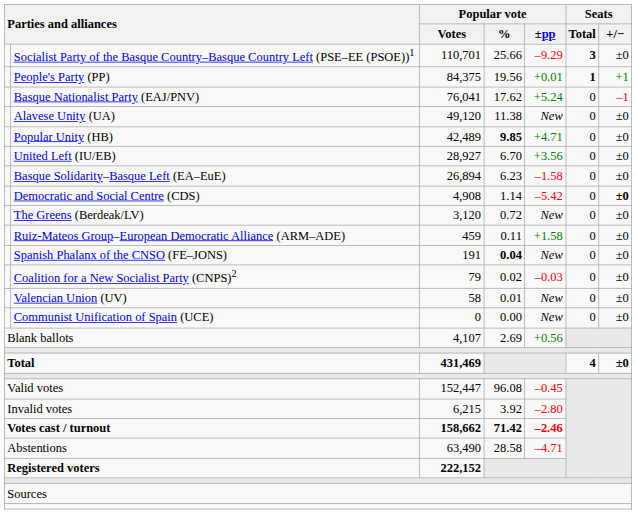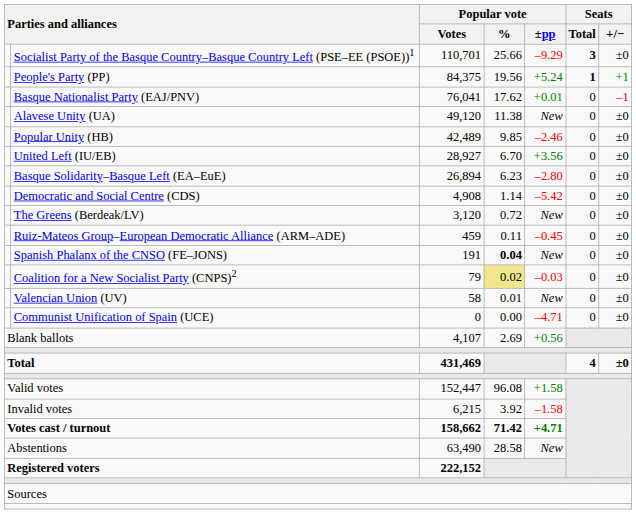 <table class="wikitable" style="text-align:right;">
 <tr>
 <th style="text-align:left;" rowspan="2" colspan="2" width="525">Parties and alliances</th>
 <th colspan="3">Popular vote</th>
 <th colspan="2">Seats</th>
 </tr>
 <tr>
 <th width="75">Votes</th>
 <th width="45">%</th>
 <th width="45">±<a href='#'>pp</a></th>
 <th width="35">Total</th>
 <th width="35">+/−</th>
 </tr>
 <tr>
 <td width="1" style="color:inherit;background:"></td>
 <td align="left"><a href='#'>Socialist Party of the Basque Country–Basque Country Left</a> (PSE–EE (PSOE))<sup>1</sup></td>
 <td>110,701</td>
 <td>25.66</td>
 <td style="color:red;">–9.29</td>
 <td><strong>3</strong></td>
 <td>±0</td>
 </tr>
 <tr>
 <td style="color:inherit;background:"></td>
 <td align="left"><a href='#'>People's Party</a> (PP)</td>
 <td>84,375</td>
 <td>19.56</td>
-<td style="color:green;">+0.01</td>
+<td style="color:green;">+5.24</td>
 <td><strong>1</strong></td>
 <td style="color:green;">+1</td>
 </tr>
 <tr>
 <td style="color:inherit;background:"></td>
 <td align="left"><a href='#'>Basque Nationalist Party</a> (EAJ/PNV)</td>
 <td>76,041</td>
 <td>17.62</td>
-<td style="color:green;">+5.24</td>
+<td style="color:green;">+0.01</td>
 <td>0</td>
 <td style="color:red;">–1</td>
 </tr>
 <tr>
 <td style="color:inherit;background:"></td>
 <td align="left"><a href='#'>Alavese Unity</a> (UA)</td>
 <td>49,120</td>
 <td>11.38</td>
 <td><em>New</em></td>
 <td>0</td>
 <td>±0</td>
 </tr>
 <tr>
 <td style="color:inherit;background:"></td>
 <td align="left"><a href='#'>Popular Unity</a> (HB)</td>
 <td>42,489</td>
-<td><strong>9.85</strong></td>
-<td style="color:green;">+4.71</td>
+<td>9.85</td>
+<td style="color:red;">–2.46</td>
 <td>0</td>
 <td>±0</td>
 </tr>
 <tr>
 <td style="color:inherit;background:"></td>
 <td align="left"><a href='#'>United Left</a> (IU/EB)</td>
 <td>28,927</td>
 <td>6.70</td>
 <td style="color:green;">+3.56</td>
 <td>0</td>
 <td>±0</td>
 </tr>
 <tr>
 <td style="color:inherit;background:"></td>
 <td align="left"><a href='#'>Basque Solidarity</a>–<a href='#'>Basque Left</a> (EA–EuE)</td>
 <td>26,894</td>
 <td>6.23</td>
-<td style="color:red;">–1.58</td>
+<td style="color:red;">–2.80</td>
 <td>0</td>
 <td>±0</td>
 </tr>
 <tr>
 <td style="color:inherit;background:"></td>
 <td align="left"><a href='#'>Democratic and Social Centre</a> (CDS)</td>
 <td>4,908</td>
 <td>1.14</td>
 <td style="color:red;">–5.42</td>
 <td>0</td>
-<td><strong>±0</strong></td>
+<td>±0</td>
 </tr>
 <tr>
 <td style="color:inherit;background:"></td>
 <td align="left"><a href='#'>The Greens</a> (Berdeak/LV)</td>
 <td>3,120</td>
 <td>0.72</td>
 <td><em>New</em></td>
 <td>0</td>
 <td>±0</td>
 </tr>
 <tr>
 <td style="color:inherit;background:"></td>
 <td align="left"><a href='#'>Ruiz-Mateos Group</a>–<a href='#'>European Democratic Alliance</a> (ARM–ADE)</td>
 <td>459</td>
 <td>0.11</td>
-<td style="color:green;">+1.58</td>
+<td style="color:red;">–0.45</td>
 <td>0</td>
 <td>±0</td>
 </tr>
 <tr>
 <td style="color:inherit;background:"></td>
 <td align="left"><a href='#'>Spanish Phalanx of the CNSO</a> (FE–JONS)</td>
 <td>191</td>
 <td><strong>0.04</strong></td>
 <td><em>New</em></td>
 <td>0</td>
 <td>±0</td>
 </tr>
 <tr>
 <td style="color:inherit;background:"></td>
 <td align="left"><a href='#'>Coalition for a New Socialist Party</a> (CNPS)<sup>2</sup></td>
 <td>79</td>
-<td>0.02</td>
+<td style="background: khaki;">0.02</td>
 <td style="color:red;">–0.03</td>
 <td>0</td>
 <td>±0</td>
 </tr>
 <tr>
 <td style="color:inherit;background:"></td>
 <td align="left"><a href='#'>Valencian Union</a> (UV)</td>
 <td>58</td>
 <td>0.01</td>
 <td><em>New</em></td>
 <td>0</td>
 <td>±0</td>
 </tr>
 <tr>
 <td style="color:inherit;background:"></td>
 <td align="left"><a href='#'>Communist Unification of Spain</a> (UCE)</td>
 <td>0</td>
 <td>0.00</td>
-<td><em>New</em></td>
+<td style="color:red;">–4.71</td>
 <td>0</td>
 <td>±0</td>
 </tr>
 <tr>
 <td align="left" colspan="2">Blank ballots</td>
 <td>4,107</td>
 <td>2.69</td>
 <td style="color:green;">+0.56</td>
 <td bgcolor="#E9E9E9" colspan="2"></td>
 </tr>
 <tr>
 <td colspan="7" bgcolor="#E9E9E9"></td>
 </tr>
 <tr style="font-weight:bold;">
 <td align="left" colspan="2">Total</td>
 <td>431,469</td>
 <td bgcolor="#E9E9E9" colspan="2"></td>
 <td>4</td>
 <td>±0</td>
 </tr>
 <tr>
 <td colspan="7" bgcolor="#E9E9E9"></td>
 </tr>
 <tr>
 <td align="left" colspan="2">Valid votes</td>
 <td>152,447</td>
 <td>96.08</td>
-<td style="color:red;">–0.45</td>
+<td style="color:green;">+1.58</td>
 <td bgcolor="#E9E9E9" colspan="2" rowspan="5"></td>
 </tr>
 <tr>
 <td align="left" colspan="2">Invalid votes</td>
 <td>6,215</td>
 <td>3.92</td>
-<td style="color:red;">–2.80</td>
+<td style="color:red;">–1.58</td>
 </tr>
 <tr style="font-weight:bold;">
 <td align="left" colspan="2">Votes cast / turnout</td>
 <td>158,662</td>
 <td>71.42</td>
-<td style="color:red;">–2.46</td>
+<td style="color:green;">+4.71</td>
 </tr>
 <tr>
 <td align="left" colspan="2">Abstentions</td>
 <td>63,490</td>
 <td>28.58</td>
-<td style="color:red;">–4.71</td>
+<td><em>New</em></td>
 </tr>
 <tr style="font-weight:bold;">
 <td align="left" colspan="2">Registered voters</td>
 <td>222,152</td>
 <td bgcolor="#E9E9E9" colspan="2"></td>
 </tr>
 <tr>
 <td colspan="7" bgcolor="#E9E9E9"></td>
 </tr>
 <tr>
 <td align="left" colspan="7">Sources</td>
 </tr>
 <tr>
 <td colspan="7" style="text-align:left; max-width:790px;"></td>
 </tr>
 </table>
